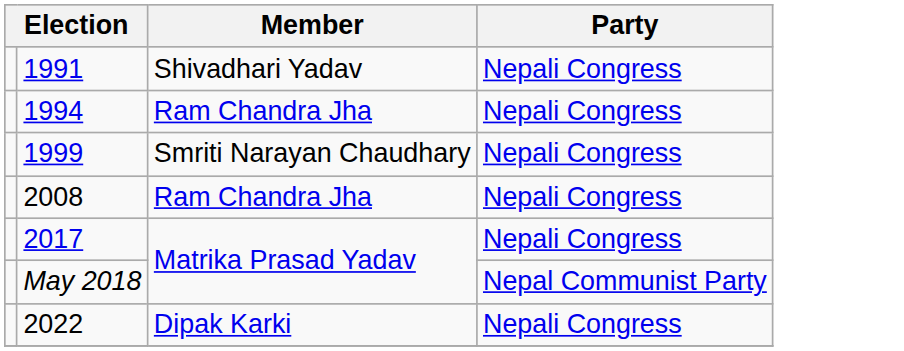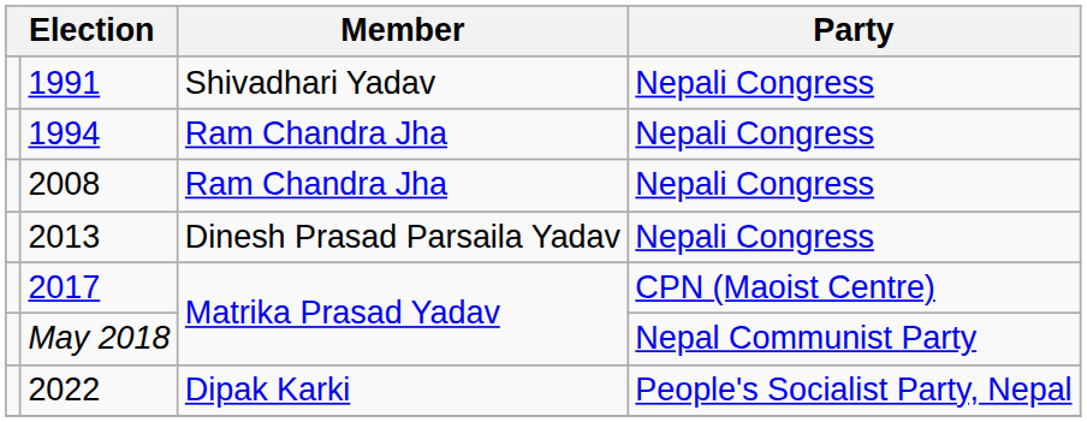 <table class="wikitable">
 <tr>
 <th colspan="2">Election</th>
 <th>Member</th>
 <th>Party</th>
 </tr>
 <tr>
 <td style="background-color:"></td>
 <td><a href='#'>1991</a></td>
 <td>Shivadhari Yadav</td>
 <td><a href='#'>Nepali Congress</a></td>
 </tr>
 <tr>
 <td style="background-color:"></td>
 <td><a href='#'>1994</a></td>
 <td><a href='#'>Ram Chandra Jha</a></td>
 <td><a href='#'>Nepali Congress</a></td>
 </tr>
 <tr>
 <td style="background-color:"></td>
-<td><a href='#'>1999</a></td>
-<td>Smriti Narayan Chaudhary</td>
-<td><a href='#'>Nepali Congress</a></td>
-</tr>
-<tr>
-<td style="background-color:"></td>
 <td>2008</td>
 <td><a href='#'>Ram Chandra Jha</a></td>
 <td><a href='#'>Nepali Congress</a></td>
 </tr>
 <tr>
 <td style="background-color:"></td>
+<td>2013</td>
+<td>Dinesh Prasad Parsaila Yadav</td>
+<td><a href='#'>Nepali Congress</a></td>
+</tr>
+<tr>
+<td style="background-color:"></td>
 <td><a href='#'>2017</a></td>
 <td rowspan="2"><a href='#'>Matrika Prasad Yadav</a></td>
-<td><a href='#'>Nepali Congress</a></td>
+<td><a href='#'>CPN (Maoist Centre)</a></td>
 </tr>
 <tr>
 <td style="background-color:"></td>
 <td><em>May 2018</em></td>
 <td><a href='#'>Nepal Communist Party</a></td>
 </tr>
 <tr>
 <td></td>
 <td>2022</td>
 <td><a href='#'>Dipak Karki</a></td>
-<td><a href='#'>Nepali Congress</a></td>
+<td><a href='#'>People's Socialist Party, Nepal</a></td>
 </tr>
 <tr>
 </tr>
 </table>
